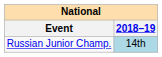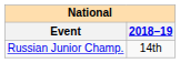 <table class="wikitable" style="text-align:center">
 <tr>
 <th style="background-color: #ffdead; " colspan=3 align=center>National</th>
 </tr>
 <tr>
 <th>Event</th>
 <th><a href='#'>2018–19</a></th>
 </tr>
 <tr>
 <td align=left><a href='#'>Russian Junior Champ.</a></td>
-<td style="background: lightblue;">14th</td>
+<td>14th</td>
 </tr>
 </table>
